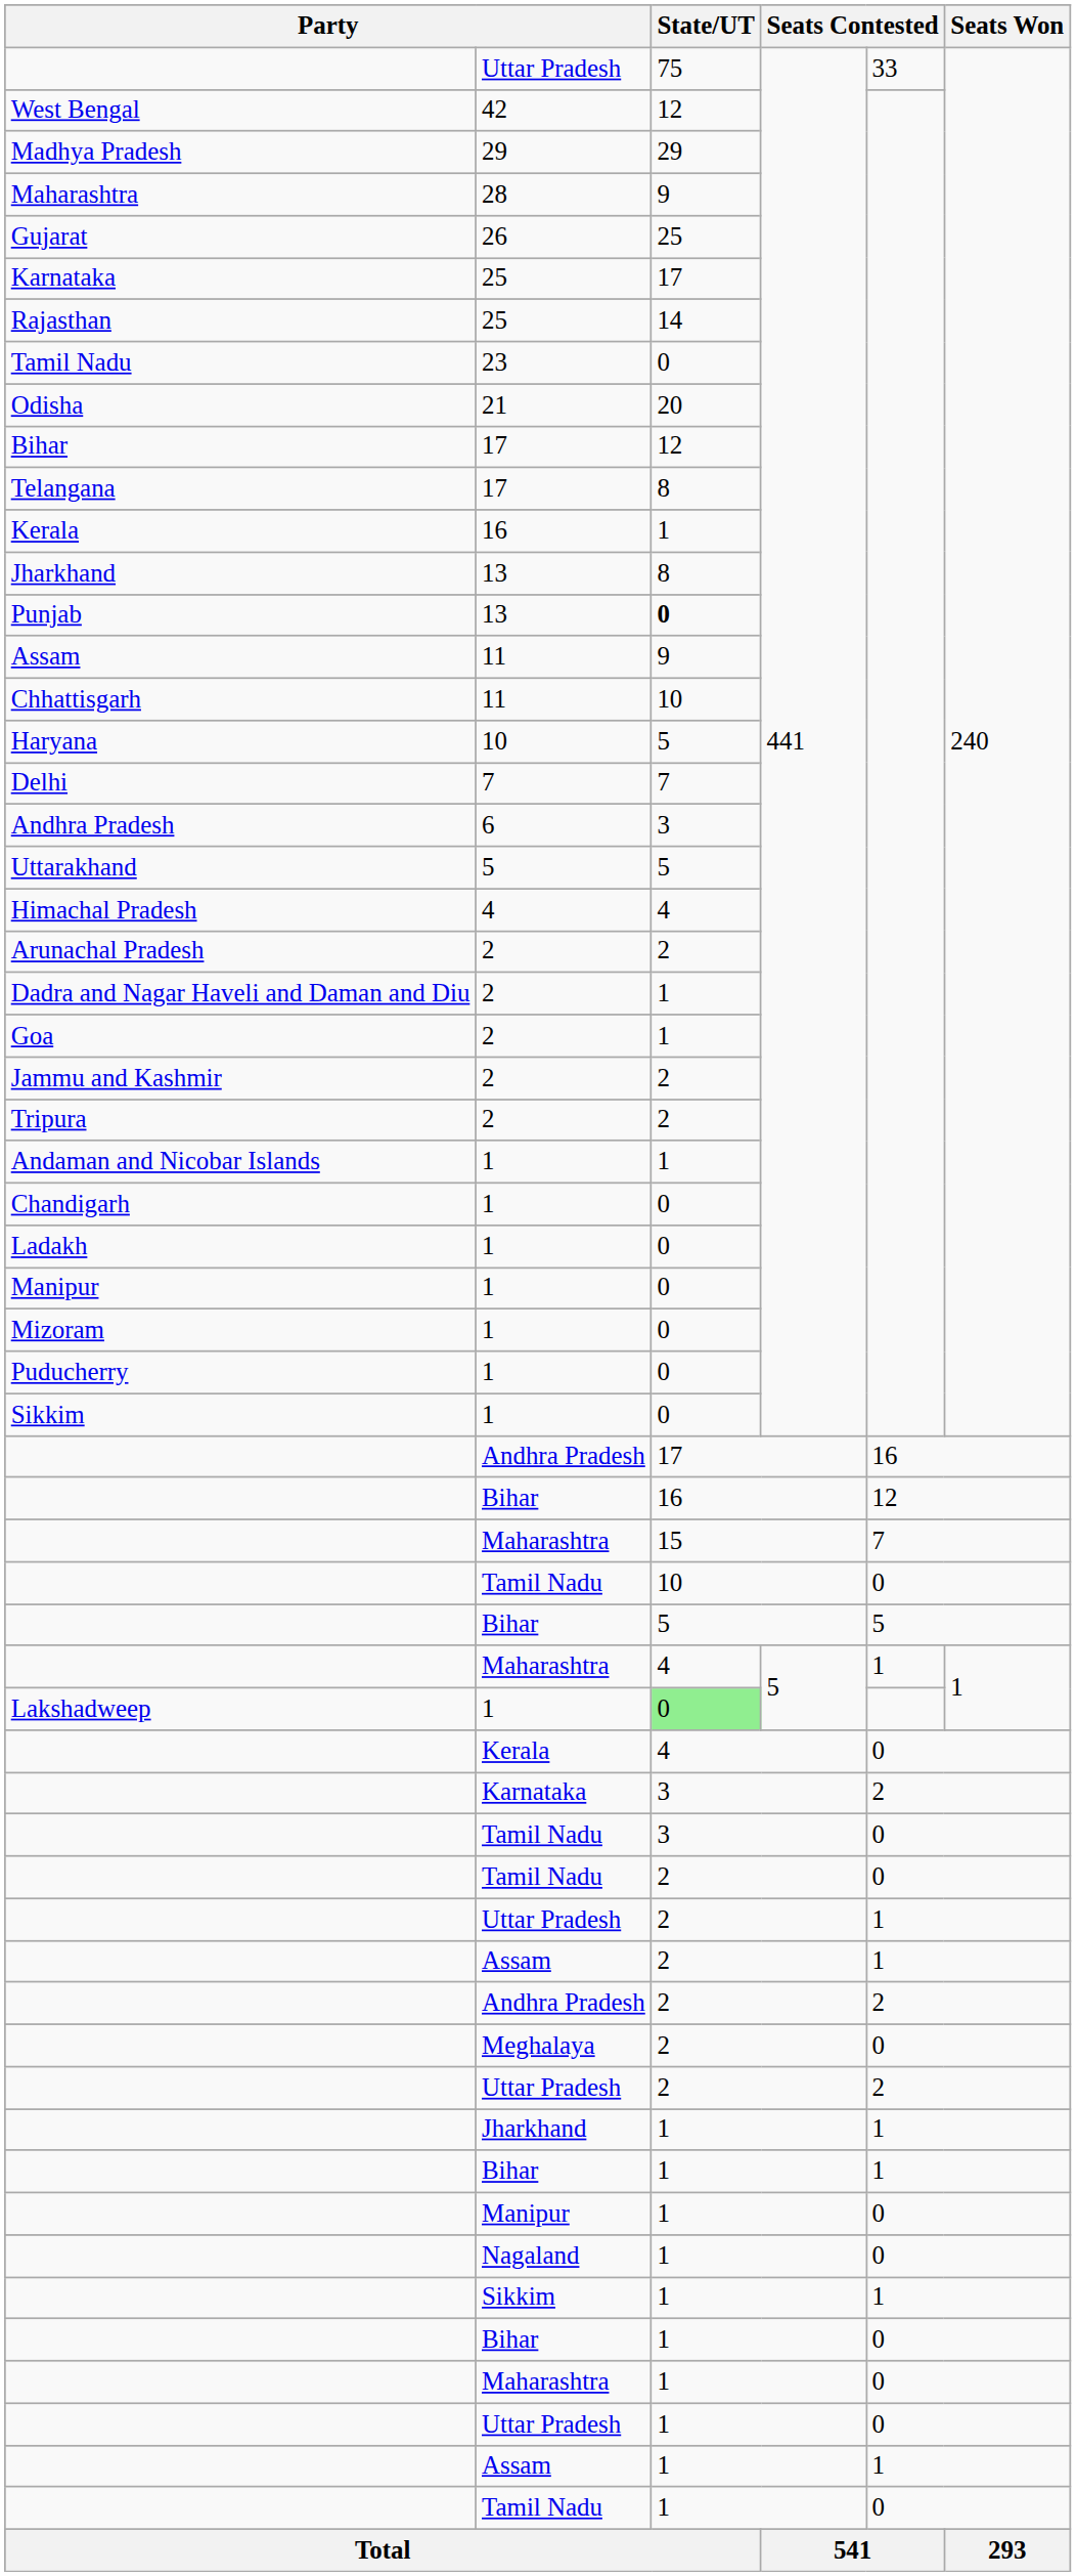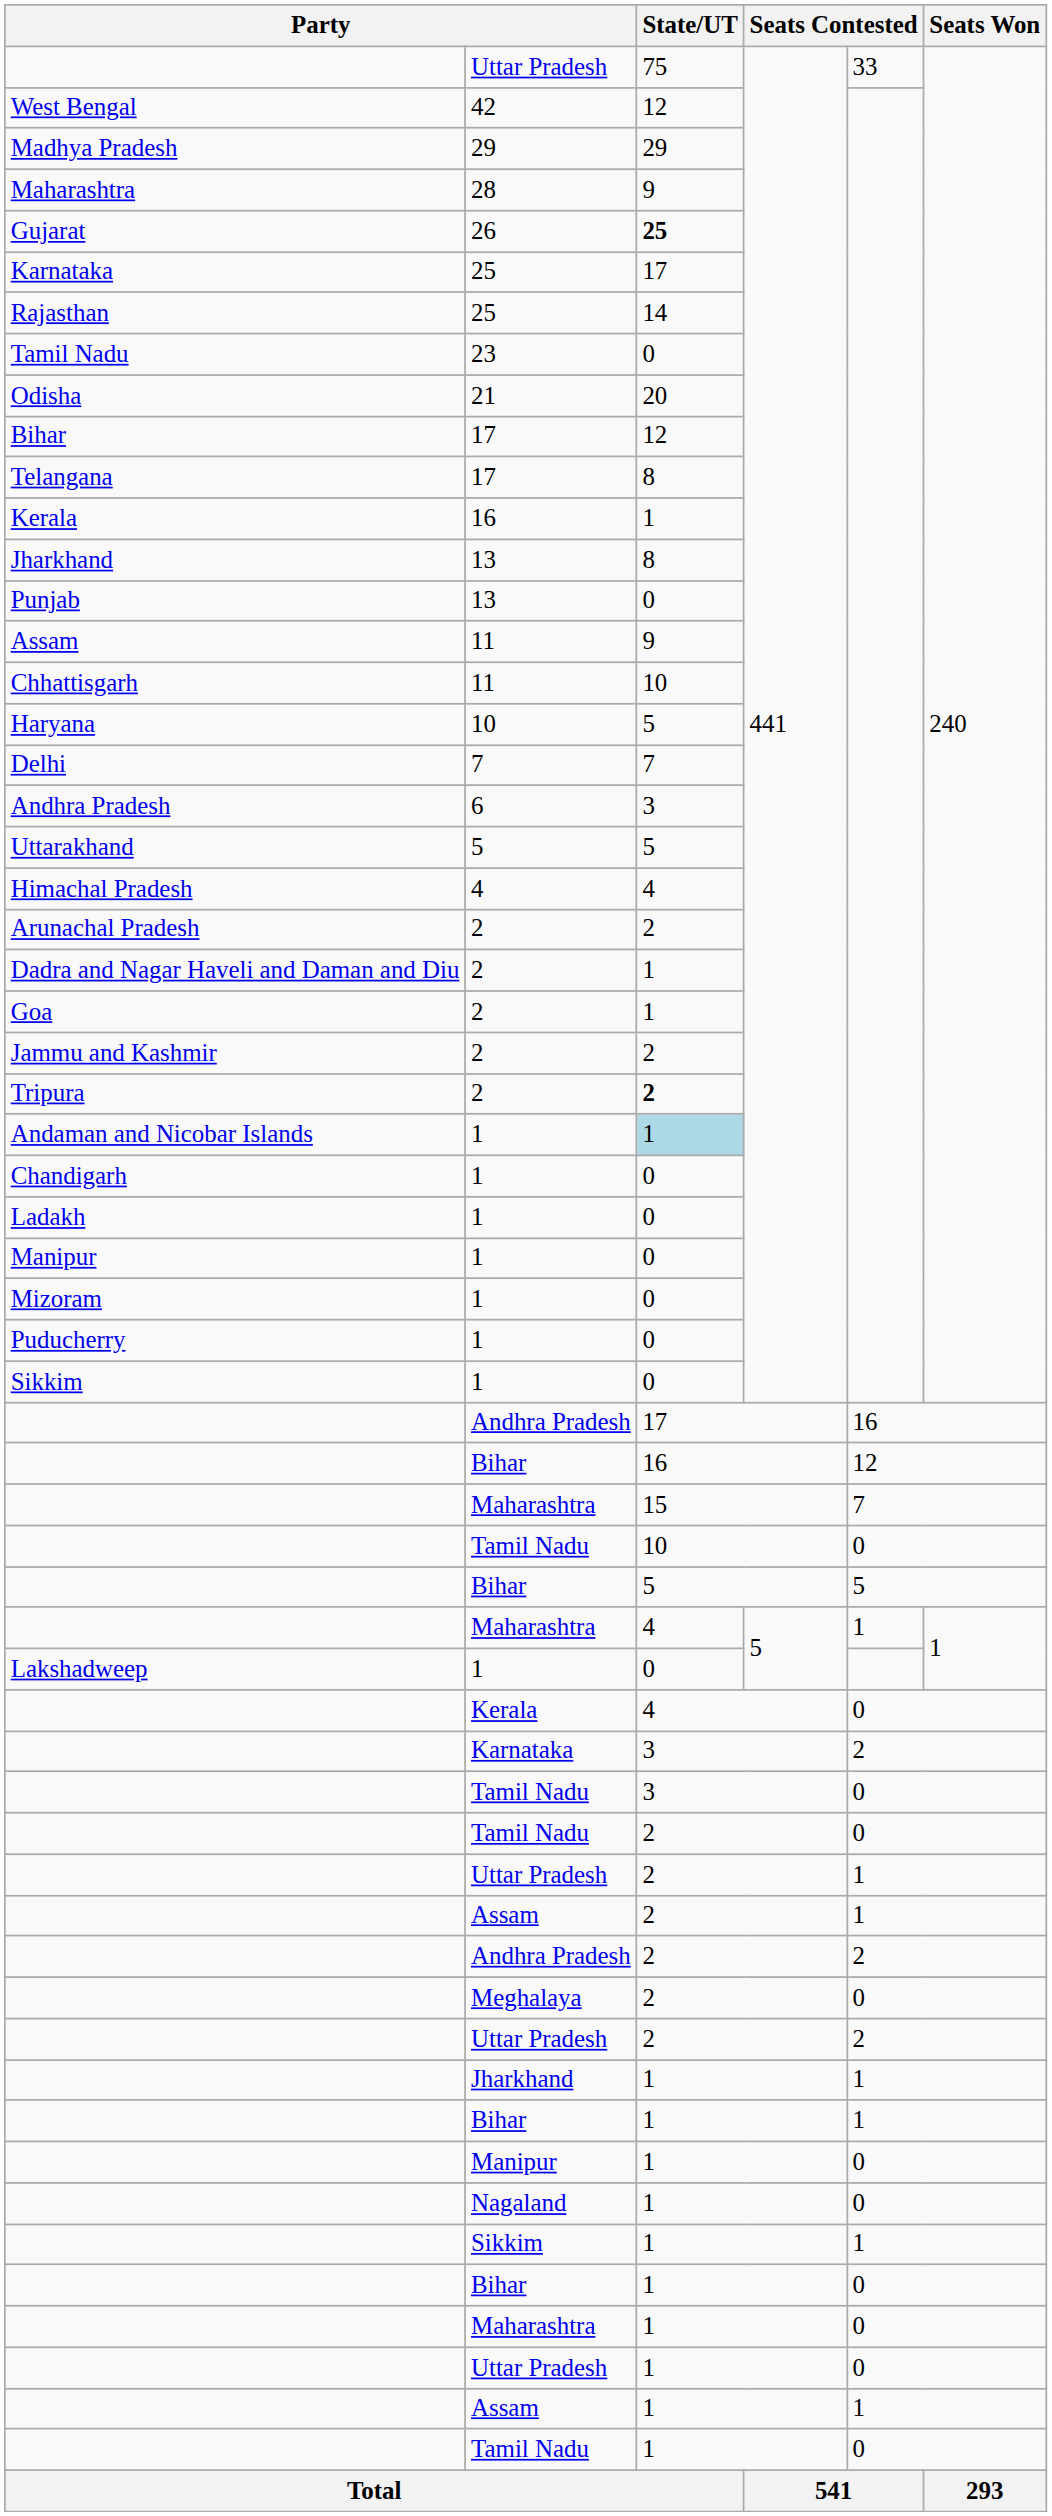 <table class="wikitable sortable sticky-header defaultcenter" style="font-size: 90%">
 <tr>
 <th colspan="2">Party</th>
 <th>State/UT</th>
 <th colspan="2">Seats Contested</th>
 <th colspan="2">Seats Won</th>
 </tr>
 <tr>
 <td></td>
 <td><a href='#'>Uttar Pradesh</a></td>
 <td>75</td>
 <td rowspan="33">441</td>
 <td>33</td>
 <td rowspan="33">240</td>
 </tr>
 <tr>
 <td><a href='#'>West Bengal</a></td>
 <td>42</td>
 <td>12</td>
 </tr>
 <tr>
 <td><a href='#'>Madhya Pradesh</a></td>
 <td>29</td>
 <td>29</td>
 </tr>
 <tr>
 <td><a href='#'>Maharashtra</a></td>
 <td>28</td>
 <td>9</td>
 </tr>
 <tr>
 <td><a href='#'>Gujarat</a></td>
 <td>26</td>
-<td>25</td>
+<td><strong>25</strong></td>
 </tr>
 <tr>
 <td><a href='#'>Karnataka</a></td>
 <td>25</td>
 <td>17</td>
 </tr>
 <tr>
 <td><a href='#'>Rajasthan</a></td>
 <td>25</td>
 <td>14</td>
 </tr>
 <tr>
 <td><a href='#'>Tamil Nadu</a></td>
 <td>23</td>
 <td>0</td>
 </tr>
 <tr>
 <td><a href='#'>Odisha</a></td>
 <td>21</td>
 <td>20</td>
 </tr>
 <tr>
 <td><a href='#'>Bihar</a></td>
 <td>17</td>
 <td>12</td>
 </tr>
 <tr>
 <td><a href='#'>Telangana</a></td>
 <td>17</td>
 <td>8</td>
 </tr>
 <tr>
 <td><a href='#'>Kerala</a></td>
 <td>16</td>
 <td>1</td>
 </tr>
 <tr>
 <td><a href='#'>Jharkhand</a></td>
 <td>13</td>
 <td>8</td>
 </tr>
 <tr>
 <td><a href='#'>Punjab</a></td>
 <td>13</td>
-<td><strong>0</strong></td>
+<td>0</td>
 </tr>
 <tr>
 <td><a href='#'>Assam</a></td>
 <td>11</td>
 <td>9</td>
 </tr>
 <tr>
 <td><a href='#'>Chhattisgarh</a></td>
 <td>11</td>
 <td>10</td>
 </tr>
 <tr>
 <td><a href='#'>Haryana</a></td>
 <td>10</td>
 <td>5</td>
 </tr>
 <tr>
 <td><a href='#'>Delhi</a></td>
 <td>7</td>
 <td>7</td>
 </tr>
 <tr>
 <td><a href='#'>Andhra Pradesh</a></td>
 <td>6</td>
 <td>3</td>
 </tr>
 <tr>
 <td><a href='#'>Uttarakhand</a></td>
 <td>5</td>
 <td>5</td>
 </tr>
 <tr>
 <td><a href='#'>Himachal Pradesh</a></td>
 <td>4</td>
 <td>4</td>
 </tr>
 <tr>
 <td><a href='#'>Arunachal Pradesh</a></td>
 <td>2</td>
 <td>2</td>
 </tr>
 <tr>
 <td><a href='#'>Dadra and Nagar Haveli and Daman and Diu</a></td>
 <td>2</td>
 <td>1</td>
 </tr>
 <tr>
 <td><a href='#'>Goa</a></td>
 <td>2</td>
 <td>1</td>
 </tr>
 <tr>
 <td><a href='#'>Jammu and Kashmir</a></td>
 <td>2</td>
 <td>2</td>
 </tr>
 <tr>
 <td><a href='#'>Tripura</a></td>
 <td>2</td>
-<td>2</td>
+<td><strong>2</strong></td>
 </tr>
 <tr>
 <td><a href='#'>Andaman and Nicobar Islands</a></td>
 <td>1</td>
-<td>1</td>
+<td style="background: lightblue;">1</td>
 </tr>
 <tr>
 <td><a href='#'>Chandigarh</a></td>
 <td>1</td>
 <td>0</td>
 </tr>
 <tr>
 <td><a href='#'>Ladakh</a></td>
 <td>1</td>
 <td>0</td>
 </tr>
 <tr>
 <td><a href='#'>Manipur</a></td>
 <td>1</td>
 <td>0</td>
 </tr>
 <tr>
 <td><a href='#'>Mizoram</a></td>
 <td>1</td>
 <td>0</td>
 </tr>
 <tr>
 <td><a href='#'>Puducherry</a></td>
 <td>1</td>
 <td>0</td>
 </tr>
 <tr>
 <td><a href='#'>Sikkim</a></td>
 <td>1</td>
 <td>0</td>
 </tr>
 <tr>
 <td></td>
 <td><a href='#'>Andhra Pradesh</a></td>
 <td colspan="2">17</td>
 <td colspan="2">16</td>
 </tr>
 <tr>
 <td></td>
 <td><a href='#'>Bihar</a></td>
 <td colspan="2">16</td>
 <td colspan="2">12</td>
 </tr>
 <tr>
 <td></td>
 <td><a href='#'>Maharashtra</a></td>
 <td colspan="2">15</td>
 <td colspan="2">7</td>
 </tr>
 <tr>
 <td></td>
 <td><a href='#'>Tamil Nadu</a></td>
 <td colspan="2">10</td>
 <td colspan="2">0</td>
 </tr>
 <tr>
 <td></td>
 <td><a href='#'>Bihar</a></td>
 <td colspan="2">5</td>
 <td colspan="2">5</td>
 </tr>
 <tr>
 <td></td>
 <td><a href='#'>Maharashtra</a></td>
 <td>4</td>
 <td rowspan="2">5</td>
 <td>1</td>
 <td rowspan="2">1</td>
 </tr>
 <tr>
 <td><a href='#'>Lakshadweep</a></td>
 <td>1</td>
-<td style="background: lightgreen;">0</td>
+<td>0</td>
 </tr>
 <tr>
 <td></td>
 <td><a href='#'>Kerala</a></td>
 <td colspan="2">4</td>
 <td colspan="2">0</td>
 </tr>
 <tr>
 <td></td>
 <td><a href='#'>Karnataka</a></td>
 <td colspan="2">3</td>
 <td colspan="2">2</td>
 </tr>
 <tr>
 <td></td>
 <td><a href='#'>Tamil Nadu</a></td>
 <td colspan="2">3</td>
 <td colspan="2">0</td>
 </tr>
 <tr>
 <td></td>
 <td><a href='#'>Tamil Nadu</a></td>
 <td colspan="2">2</td>
 <td colspan="2">0</td>
 </tr>
 <tr>
 <td></td>
 <td><a href='#'>Uttar Pradesh</a></td>
 <td colspan="2">2</td>
 <td colspan="2">1</td>
 </tr>
 <tr>
 <td></td>
 <td><a href='#'>Assam</a></td>
 <td colspan="2">2</td>
 <td colspan="2">1</td>
 </tr>
 <tr>
 <td></td>
 <td><a href='#'>Andhra Pradesh</a></td>
 <td colspan="2">2</td>
 <td colspan="2">2</td>
 </tr>
 <tr>
 <td></td>
 <td><a href='#'>Meghalaya</a></td>
 <td colspan="2">2</td>
 <td colspan="2">0</td>
 </tr>
 <tr>
 <td></td>
 <td><a href='#'>Uttar Pradesh</a></td>
 <td colspan="2">2</td>
 <td colspan="2">2</td>
 </tr>
 <tr>
 <td></td>
 <td><a href='#'>Jharkhand</a></td>
 <td colspan="2">1</td>
 <td colspan="2">1</td>
 </tr>
 <tr>
 <td></td>
 <td><a href='#'>Bihar</a></td>
 <td colspan="2">1</td>
 <td colspan="2">1</td>
 </tr>
 <tr>
 <td></td>
 <td><a href='#'>Manipur</a></td>
 <td colspan="2">1</td>
 <td colspan="2">0</td>
 </tr>
 <tr>
 <td></td>
 <td><a href='#'>Nagaland</a></td>
 <td colspan="2">1</td>
 <td colspan="2">0</td>
 </tr>
 <tr>
 <td></td>
 <td><a href='#'>Sikkim</a></td>
 <td colspan="2">1</td>
 <td colspan="2">1</td>
 </tr>
 <tr>
 <td></td>
 <td><a href='#'>Bihar</a></td>
 <td colspan="2">1</td>
 <td colspan="2">0</td>
 </tr>
 <tr>
 <td></td>
 <td><a href='#'>Maharashtra</a></td>
 <td colspan="2">1</td>
 <td colspan="2">0</td>
 </tr>
 <tr>
 <td></td>
 <td><a href='#'>Uttar Pradesh</a></td>
 <td colspan="2">1</td>
 <td colspan="2">0</td>
 </tr>
 <tr>
 <td></td>
 <td><a href='#'>Assam</a></td>
 <td colspan="2">1</td>
 <td colspan="2">1</td>
 </tr>
 <tr>
 <td></td>
 <td><a href='#'>Tamil Nadu</a></td>
 <td colspan="2">1</td>
 <td colspan="2">0</td>
 </tr>
 <tr>
 <th colspan=3>Total</th>
 <th colspan=2>541</th>
 <th colspan="2">293</th>
 </tr>
 </table>
